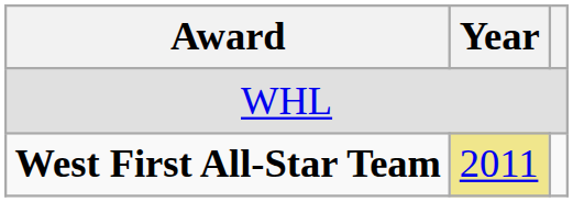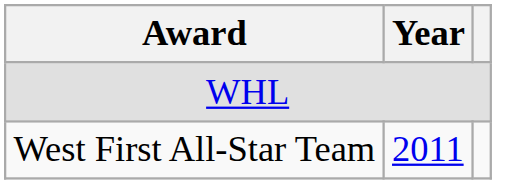 <table class="wikitable">
 <tr>
 <th>Award</th>
 <th>Year</th>
 <th></th>
 </tr>
 <tr ALIGN="center" bgcolor="#e0e0e0">
 <td colspan="3"><a href='#'>WHL</a></td>
 </tr>
 <tr>
-<td><strong>West First All-Star Team</strong></td>
-<td style="background: khaki;"><a href='#'>2011</a></td>
+<td>West First All-Star Team</td>
+<td><a href='#'>2011</a></td>
 <td></td>
 </tr>
 </table>
